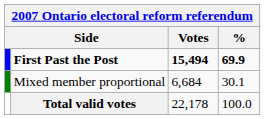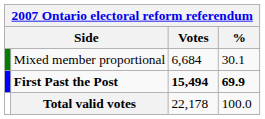 <table class="wikitable" style="font-size: 95%; clear:both">
 <tr style="background-color:#E9E9E9">
 <th colspan=4><a href='#'>2007 Ontario electoral reform referendum</a></th>
 </tr>
 <tr style="background-color:#E9E9E9">
 <th colspan=2 style="width: 130px">Side</th>
 <th style="width: 50px">Votes</th>
 <th style="width: 40px">%</th>
 </tr>
 <tr>
+<td bgcolor="green"></td>
+<td>Mixed member proportional</td>
+<td>6,684</td>
+<td>30.1</td>
+</tr>
+<tr>
 <td bgcolor="blue"></td>
 <td><strong>First Past the Post</strong></td>
 <td><strong>15,494</strong></td>
 <td><strong>69.9</strong></td>
-</tr>
-<tr>
-<td bgcolor="green"></td>
-<td>Mixed member proportional</td>
-<td>6,684</td>
-<td>30.1</td>
 </tr>
 <tr>
 <td bgcolor="white"></td>
 <th>Total valid votes</th>
 <td>22,178</td>
 <td>100.0</td>
 </tr>
 </table>
